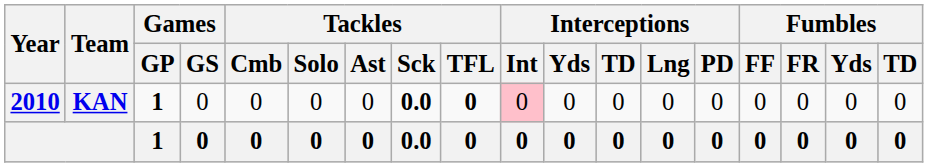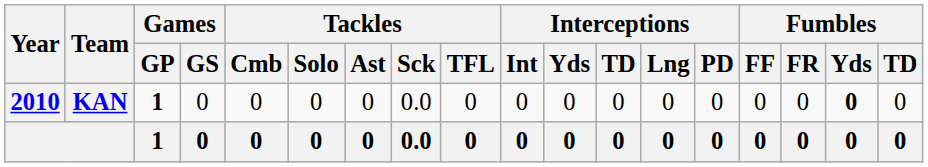 <table class="wikitable" style="text-align:center">
 <tr>
 <th rowspan="2">Year</th>
 <th rowspan="2">Team</th>
 <th colspan="2">Games</th>
 <th colspan="5">Tackles</th>
 <th colspan="5">Interceptions</th>
 <th colspan="4">Fumbles</th>
 </tr>
 <tr>
 <th>GP</th>
 <th>GS</th>
 <th>Cmb</th>
 <th>Solo</th>
 <th>Ast</th>
 <th>Sck</th>
 <th>TFL</th>
 <th>Int</th>
 <th>Yds</th>
 <th>TD</th>
 <th>Lng</th>
 <th>PD</th>
 <th>FF</th>
 <th>FR</th>
 <th>Yds</th>
 <th>TD</th>
 </tr>
 <tr>
 <th><a href='#'>2010</a></th>
 <th><a href='#'>KAN</a></th>
 <td><strong>1</strong></td>
 <td>0</td>
 <td>0</td>
 <td>0</td>
 <td>0</td>
-<td><strong>0.0</strong></td>
-<td><strong>0</strong></td>
-<td style="background: pink;">0</td>
+<td>0.0</td>
 <td>0</td>
 <td>0</td>
 <td>0</td>
 <td>0</td>
 <td>0</td>
 <td>0</td>
 <td>0</td>
+<td>0</td>
+<td><strong>0</strong></td>
 <td>0</td>
 </tr>
 <tr>
 <th colspan="2"></th>
 <th>1</th>
 <th>0</th>
 <th>0</th>
 <th>0</th>
 <th>0</th>
 <th>0.0</th>
 <th>0</th>
 <th>0</th>
 <th>0</th>
 <th>0</th>
 <th>0</th>
 <th>0</th>
 <th>0</th>
 <th>0</th>
 <th>0</th>
 <th>0</th>
 </tr>
 </table>
